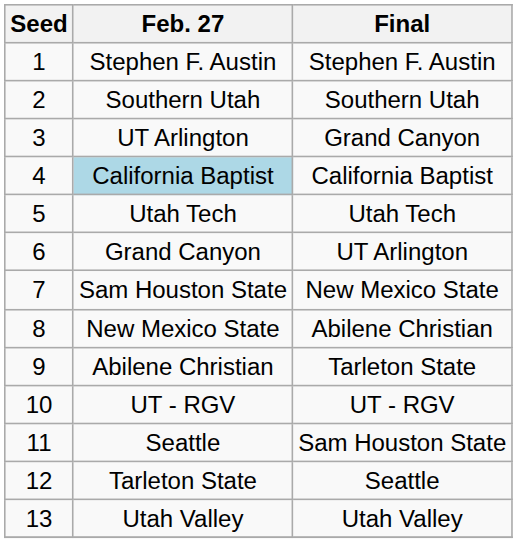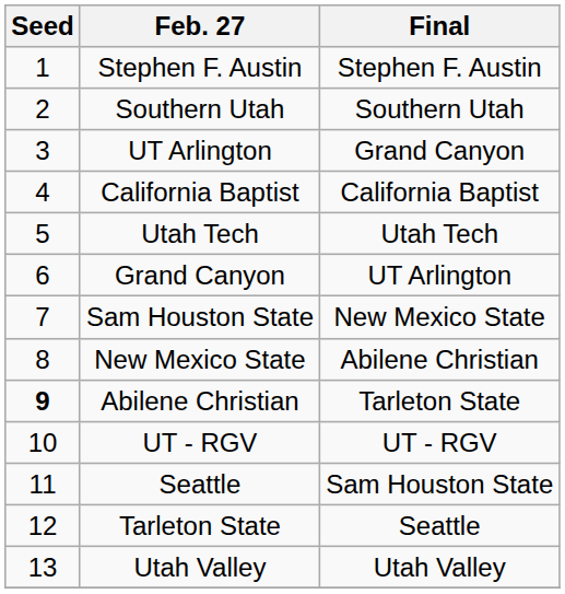 <table class="wikitable" style="white-space:nowrap; font-size:95%;text-align:center">
 <tr>
 <th>Seed</th>
 <th>Feb. 27</th>
 <th>Final</th>
 </tr>
 <tr>
 <td>1</td>
 <td>Stephen F. Austin</td>
 <td>Stephen F. Austin</td>
 </tr>
 <tr>
 <td>2</td>
 <td>Southern Utah</td>
 <td>Southern Utah</td>
 </tr>
 <tr>
 <td>3</td>
 <td>UT Arlington</td>
 <td>Grand Canyon</td>
 </tr>
 <tr>
 <td>4</td>
-<td style="background: lightblue;">California Baptist</td>
+<td>California Baptist</td>
 <td>California Baptist</td>
 </tr>
 <tr>
 <td>5</td>
 <td>Utah Tech</td>
 <td>Utah Tech</td>
 </tr>
 <tr>
 <td>6</td>
 <td>Grand Canyon</td>
 <td>UT Arlington</td>
 </tr>
 <tr>
 <td>7</td>
 <td>Sam Houston State</td>
 <td>New Mexico State</td>
 </tr>
 <tr>
 <td>8</td>
 <td>New Mexico State</td>
 <td>Abilene Christian</td>
 </tr>
 <tr>
-<td>9</td>
+<td><strong>9</strong></td>
 <td>Abilene Christian</td>
 <td>Tarleton State</td>
 </tr>
 <tr>
 <td>10</td>
 <td>UT - RGV</td>
 <td>UT - RGV</td>
 </tr>
 <tr>
 <td>11</td>
 <td>Seattle</td>
 <td>Sam Houston State</td>
 </tr>
 <tr>
 <td>12</td>
 <td>Tarleton State</td>
 <td>Seattle</td>
 </tr>
 <tr>
 <td>13</td>
 <td>Utah Valley</td>
 <td>Utah Valley</td>
 </tr>
 <tr>
 </tr>
 </table>
